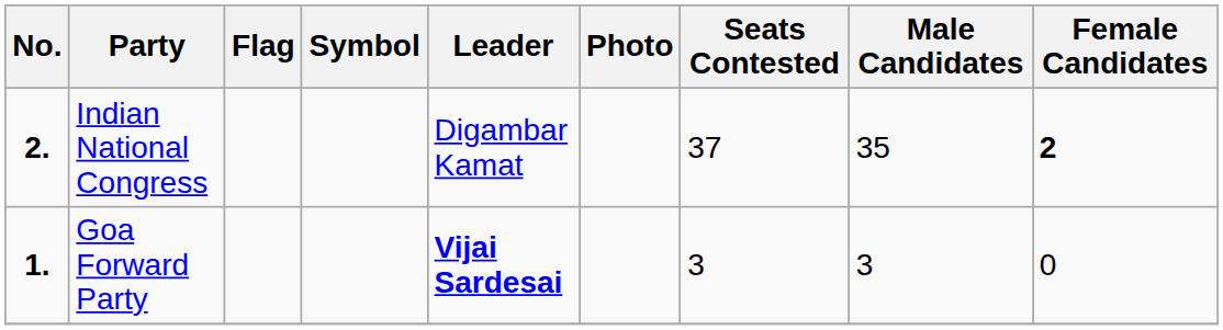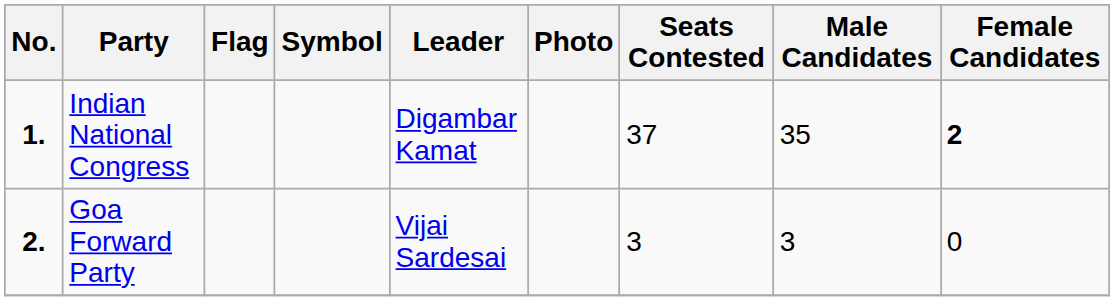 <table class="wikitable"  width="50%">
 <tr>
 <th>No.</th>
 <th>Party</th>
 <th>Flag</th>
 <th>Symbol</th>
 <th>Leader</th>
 <th>Photo</th>
 <th>Seats Contested</th>
 <th>Male Candidates</th>
 <th>Female Candidates</th>
 </tr>
 <tr>
-<td ! style="text-align:center; background:"><strong>2.</strong></td>
+<td ! style="text-align:center; background:"><strong>1.</strong></td>
 <td><a href='#'>Indian National Congress</a></td>
 <td></td>
 <td></td>
 <td><a href='#'>Digambar Kamat</a></td>
 <td></td>
 <td>37</td>
 <td>35</td>
 <td><strong>2</strong></td>
 </tr>
 <tr>
-<td ! style="text-align:center; background:"><strong>1.</strong></td>
+<td ! style="text-align:center; background:"><strong>2.</strong></td>
 <td><a href='#'>Goa Forward Party</a></td>
 <td></td>
 <td></td>
-<td><strong><a href='#'>Vijai Sardesai</a></strong></td>
+<td><a href='#'>Vijai Sardesai</a></td>
 <td></td>
 <td>3</td>
 <td>3</td>
 <td>0</td>
 </tr>
 <tr>
 </tr>
 </table>
